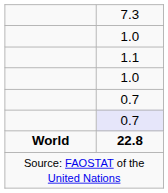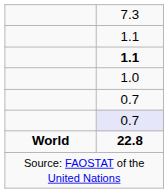 <table class="wikitable" style="float:right; width:12em; text-align:center;">
 <tr>
 <td></td>
 <td>7.3</td>
 </tr>
 <tr>
 <td></td>
-<td>1.0</td>
+<td>1.1</td>
 </tr>
 <tr>
 <td></td>
-<td>1.1</td>
+<td><strong>1.1</strong></td>
 </tr>
 <tr>
 <td></td>
 <td>1.0</td>
 </tr>
 <tr>
 <td></td>
 <td>0.7</td>
 </tr>
 <tr>
 <td></td>
 <td style="background: lavender;">0.7</td>
 </tr>
 <tr>
 <td><strong>World</strong></td>
 <td><strong>22.8</strong></td>
 </tr>
 <tr>
 <td colspan="2" style="text-align: center;"><small>Source: <a href='#'>FAOSTAT</a> of the <a href='#'>United Nations</a></small></td>
 </tr>
 </table>
